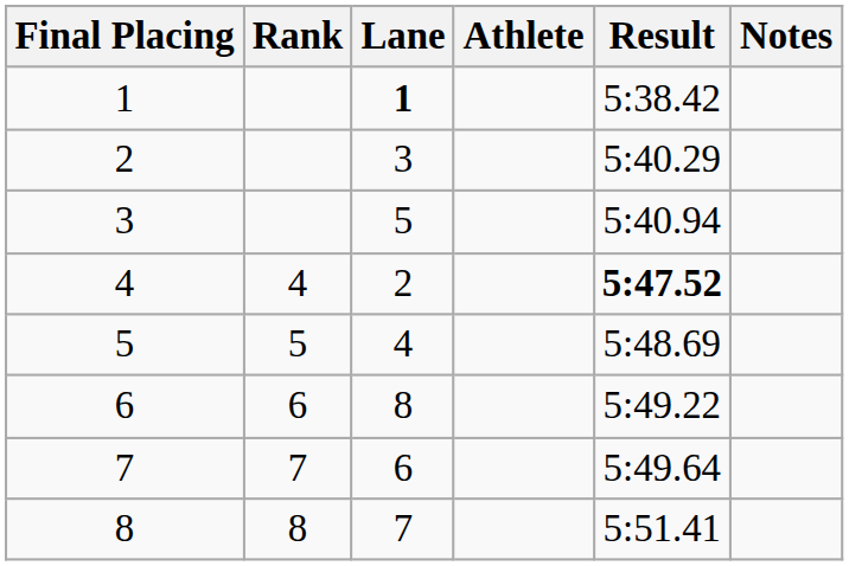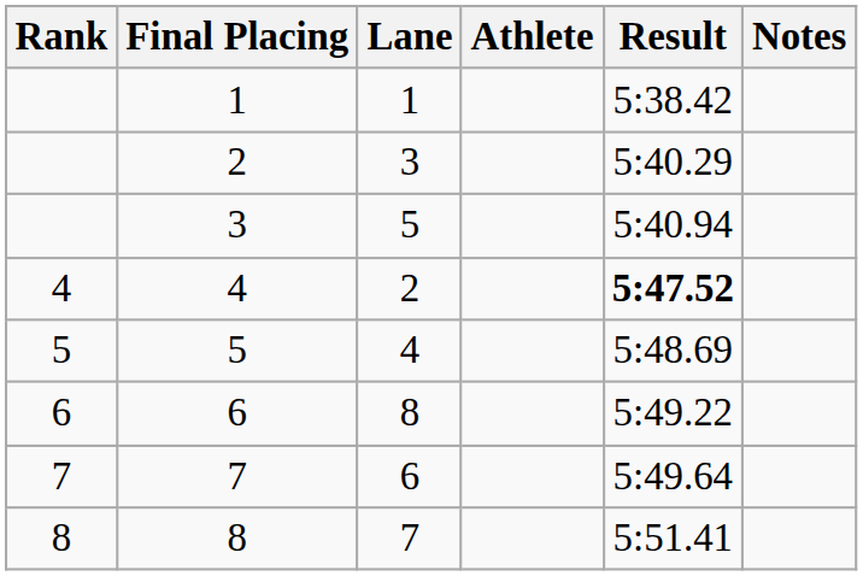 <table class="wikitable sortable" style="text-align:center">
 <tr>
+<th>Rank</th>
 <th>Final Placing</th>
-<th>Rank</th>
 <th>Lane</th>
 <th>Athlete</th>
 <th>Result</th>
 <th>Notes</th>
 </tr>
 <tr>
+<td></td>
 <td>1</td>
-<td></td>
-<td><strong>1</strong></td>
+<td>1</td>
 <td align=left></td>
 <td>5:38.42</td>
 <td></td>
 </tr>
 <tr>
+<td></td>
 <td>2</td>
-<td></td>
 <td>3</td>
 <td align=left></td>
 <td>5:40.29</td>
 <td></td>
 </tr>
 <tr>
+<td></td>
 <td>3</td>
-<td></td>
 <td>5</td>
 <td align=left></td>
 <td>5:40.94</td>
 <td></td>
 </tr>
 <tr>
 <td>4</td>
 <td>4</td>
 <td>2</td>
 <td align=left></td>
 <td><strong>5:47.52</strong></td>
 <td></td>
 </tr>
 <tr>
 <td>5</td>
 <td>5</td>
 <td>4</td>
 <td align=left></td>
 <td>5:48.69</td>
 <td></td>
 </tr>
 <tr>
 <td>6</td>
 <td>6</td>
 <td>8</td>
 <td align=left></td>
 <td>5:49.22</td>
 <td></td>
 </tr>
 <tr>
 <td>7</td>
 <td>7</td>
 <td>6</td>
 <td align=left></td>
 <td>5:49.64</td>
 <td></td>
 </tr>
 <tr>
 <td>8</td>
 <td>8</td>
 <td>7</td>
 <td align=left></td>
 <td>5:51.41</td>
 <td></td>
 </tr>
 </table>
